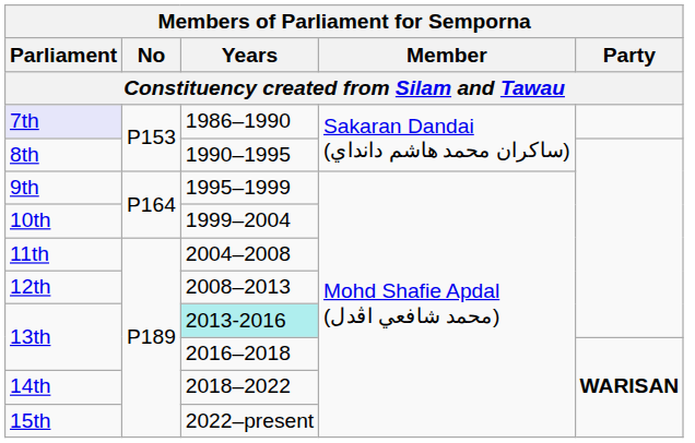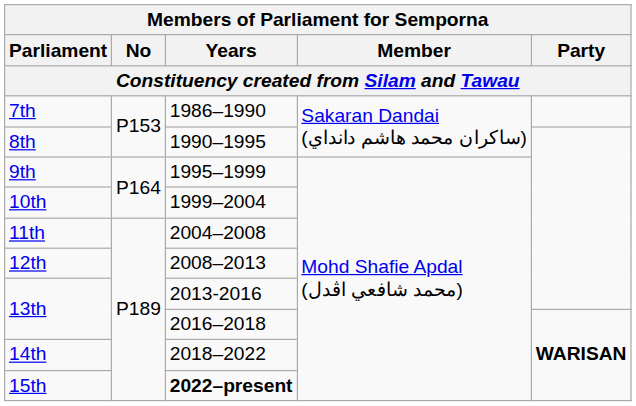 <table class=wikitable>
 <tr>
 <th colspan="5">Members of Parliament for Semporna</th>
 </tr>
 <tr>
 <th>Parliament</th>
 <th>No</th>
 <th>Years</th>
 <th>Member</th>
 <th>Party</th>
 </tr>
 <tr>
 <th colspan="5" align="center"><em>Constituency created from <a href='#'>Silam</a> and <a href='#'>Tawau</a></em></th>
 </tr>
 <tr>
-<td style="background: lavender;"><a href='#'>7th</a></td>
+<td><a href='#'>7th</a></td>
 <td rowspan="2">P153</td>
 <td>1986–1990</td>
 <td rowspan=2><a href='#'>Sakaran Dandai</a> <br> (ساکران محمد هاشم دانداي)</td>
 <td></td>
 </tr>
 <tr>
 <td><a href='#'>8th</a></td>
 <td>1990–1995</td>
 <td rowspan="6"></td>
 </tr>
 <tr>
 <td><a href='#'>9th</a></td>
 <td rowspan="2">P164</td>
 <td>1995–1999</td>
 <td rowspan="8"><a href='#'>Mohd Shafie Apdal</a> <br> (محمد شافعي اڤدل)</td>
 </tr>
 <tr>
 <td><a href='#'>10th</a></td>
 <td>1999–2004</td>
 </tr>
 <tr>
 <td><a href='#'>11th</a></td>
 <td rowspan="6">P189</td>
 <td>2004–2008</td>
 </tr>
 <tr>
 <td><a href='#'>12th</a></td>
 <td>2008–2013</td>
 </tr>
 <tr>
 <td rowspan=2><a href='#'>13th</a></td>
-<td style="background: paleturquoise;">2013-2016</td>
+<td>2013-2016</td>
 </tr>
 <tr>
 <td>2016–2018</td>
 <td rowspan="3"><strong>WARISAN</strong></td>
 </tr>
 <tr>
 <td><a href='#'>14th</a></td>
 <td>2018–2022</td>
 </tr>
 <tr>
 <td><a href='#'>15th</a></td>
-<td>2022–present</td>
+<td><strong>2022–present</strong></td>
 </tr>
 </table>
